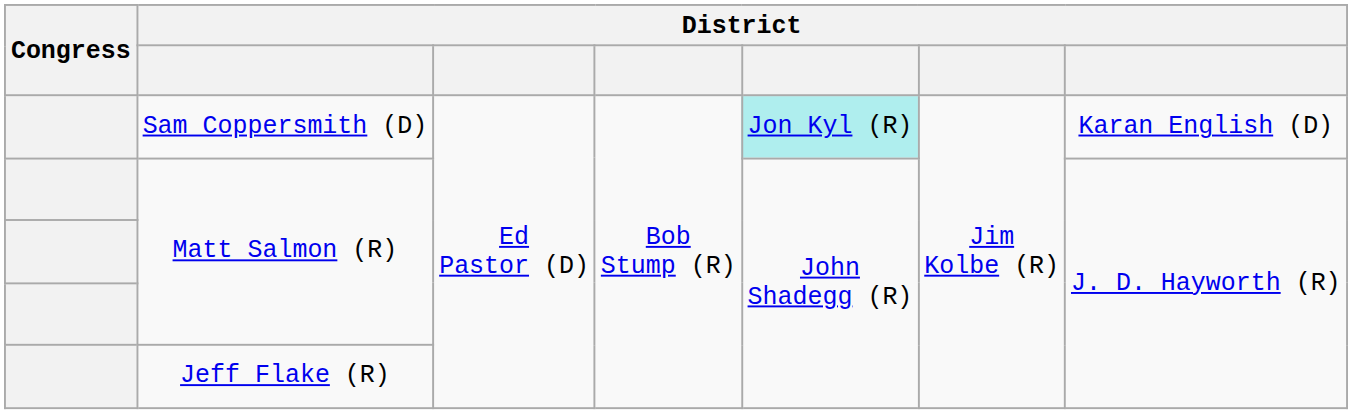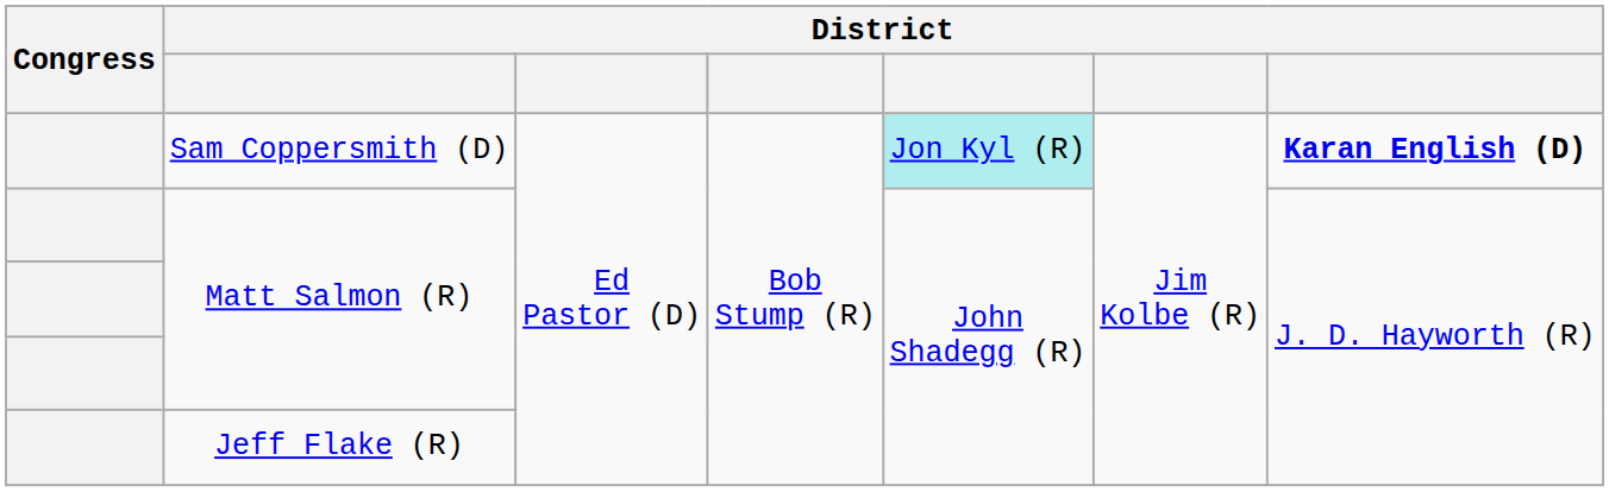 <table class=wikitable style="text-align:center">
 <tr>
 <th scope="col" rowspan=2>Congress</th>
 <th scope="colgroup" colspan=6>District</th>
 </tr>
 <tr style="height:2em">
 <th scope="col"></th>
 <th scope="col"></th>
 <th scope="col"></th>
 <th scope="col"></th>
 <th scope="col"></th>
 <th scope="col"></th>
 </tr>
 <tr style="height:2.5em">
 <th scope="row"> </th>
 <td><a href='#'>Sam Coppersmith</a> (D)</td>
 <td rowspan=5 ><a href='#'>Ed<br>Pastor</a> (D)</td>
 <td rowspan=5 ><a href='#'>Bob<br>Stump</a> (R)</td>
 <td style="background: paleturquoise;"><a href='#'>Jon Kyl</a> (R)</td>
 <td rowspan=5 ><a href='#'>Jim<br>Kolbe</a> (R)</td>
-<td><a href='#'>Karan English</a> (D)</td>
+<td><strong><a href='#'>Karan English</a> (D)</strong></td>
 </tr>
 <tr style="height:2.5em">
 <th scope="row"> </th>
 <td rowspan=3 ><a href='#'>Matt Salmon</a> (R)</td>
 <td rowspan=4 ><a href='#'>John<br>Shadegg</a> (R)</td>
 <td rowspan=4 ><a href='#'>J. D. Hayworth</a> (R)</td>
 </tr>
 <tr style="height:2.5em">
 <th scope="row"> </th>
 </tr>
 <tr style="height:2.5em">
 <th scope="row"> </th>
 </tr>
 <tr style="height:2.5em">
 <th scope="row"> </th>
 <td><a href='#'>Jeff Flake</a> (R)</td>
 </tr>
 </table>
